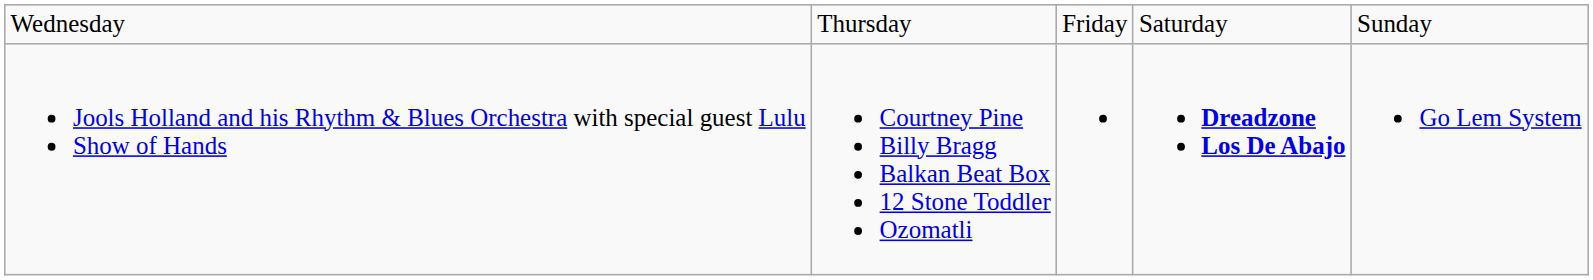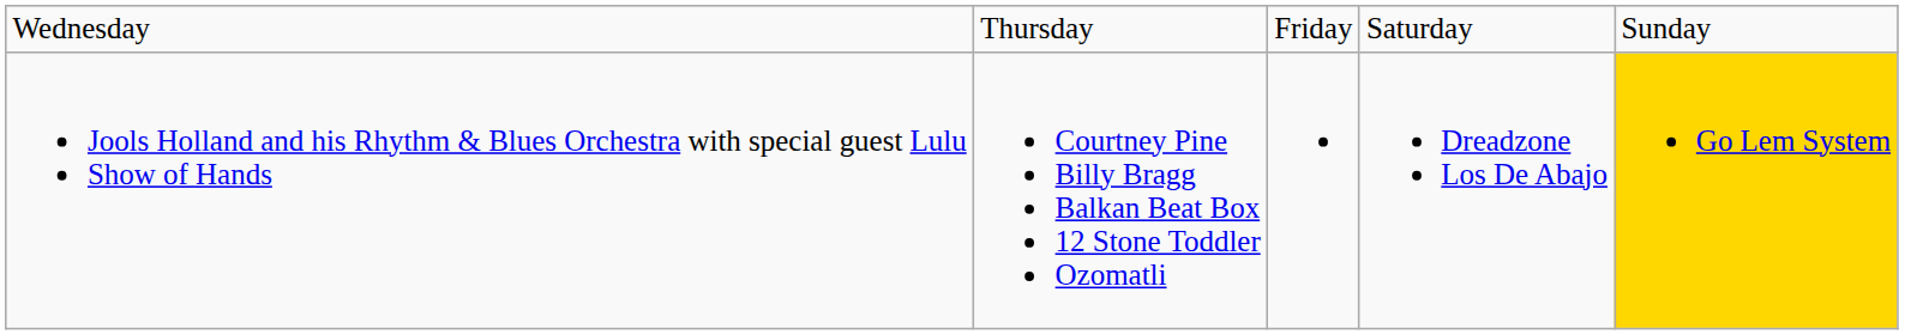 <table class="wikitable">
 <tr>
 <td>Wednesday</td>
 <td>Thursday</td>
 <td>Friday</td>
 <td>Saturday</td>
 <td>Sunday</td>
 </tr>
 <tr valign="top">
 <td><br><ul><li><a href='#'>Jools Holland and his Rhythm & Blues Orchestra</a> with special guest <a href='#'>Lulu</a></li><li><a href='#'>Show of Hands</a></li></ul></td>
 <td><br><ul><li><a href='#'>Courtney Pine</a></li><li><a href='#'>Billy Bragg</a></li><li><a href='#'>Balkan Beat Box</a></li><li><a href='#'>12 Stone Toddler</a></li><li><a href='#'>Ozomatli</a></li></ul></td>
 <td><br><ul><li></li></ul></td>
-<td><strong><br><ul><li><a href='#'>Dreadzone</a></li><li><a href='#'>Los De Abajo</a></li></ul></strong></td>
-<td><br><ul><li><a href='#'>Go Lem System</a></li></ul></td>
+<td><br><ul><li><a href='#'>Dreadzone</a></li><li><a href='#'>Los De Abajo</a></li></ul></td>
+<td style="background: gold;"><br><ul><li><a href='#'>Go Lem System</a></li></ul></td>
 </tr>
 </table>
